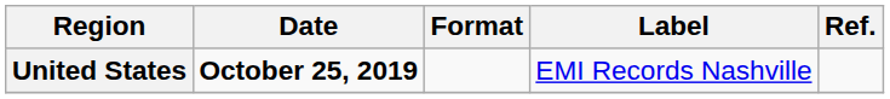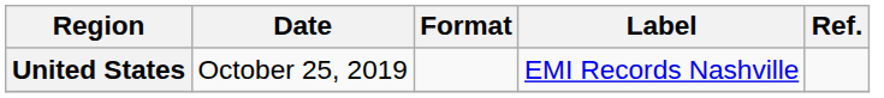 <table class="wikitable plainrowheaders">
 <tr>
 <th scope="col">Region</th>
 <th scope="col">Date</th>
 <th scope="col">Format</th>
 <th scope="col">Label</th>
 <th scope="col">Ref.</th>
 </tr>
 <tr>
 <th scope="row">United States</th>
-<td><strong>October 25, 2019</strong></td>
+<td>October 25, 2019</td>
 <td></td>
 <td><a href='#'>EMI Records Nashville</a></td>
 <td></td>
 </tr>
 <tr>
 </tr>
 </table>
